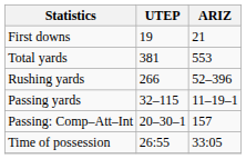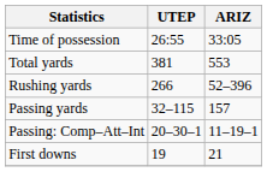 <table class="wikitable" style="float: left;">
 <tr>
 <th>Statistics</th>
 <th>UTEP</th>
 <th>ARIZ</th>
 </tr>
 <tr>
-<td>First downs</td>
-<td>19</td>
-<td>21</td>
+<td>Time of possession</td>
+<td>26:55</td>
+<td>33:05</td>
 </tr>
 <tr>
 <td>Total yards</td>
 <td>381</td>
 <td>553</td>
 </tr>
 <tr>
 <td>Rushing yards</td>
 <td>266</td>
 <td>52–396</td>
 </tr>
 <tr>
 <td>Passing yards</td>
 <td>32–115</td>
-<td>11–19–1</td>
+<td>157</td>
 </tr>
 <tr>
 <td>Passing: Comp–Att–Int</td>
 <td>20–30–1</td>
-<td>157</td>
+<td>11–19–1</td>
 </tr>
 <tr>
-<td>Time of possession</td>
-<td>26:55</td>
-<td>33:05</td>
+<td>First downs</td>
+<td>19</td>
+<td>21</td>
 </tr>
 <tr>
 </tr>
 </table>
